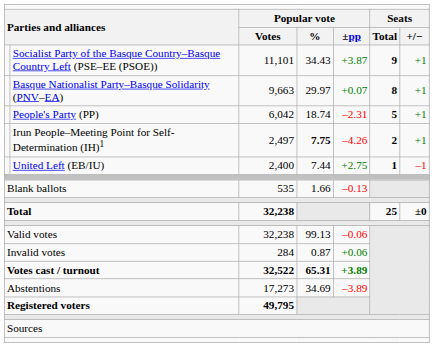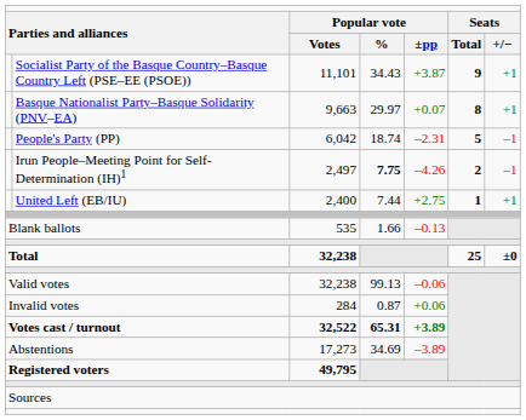 <table class="wikitable" style="text-align:right;">
 <tr>
 <td colspan="7"></td>
 </tr>
 <tr>
 <th style="text-align:left;" rowspan="2" colspan="2" width="525">Parties and alliances</th>
 <th colspan="3">Popular vote</th>
 <th colspan="2">Seats</th>
 </tr>
 <tr>
 <th width="75">Votes</th>
 <th width="45">%</th>
 <th width="45">±<a href='#'>pp</a></th>
 <th width="35">Total</th>
 <th width="35">+/−</th>
 </tr>
 <tr>
 <td width="1" style="color:inherit;background:"></td>
 <td align="left"><a href='#'>Socialist Party of the Basque Country–Basque Country Left</a> (PSE–EE (PSOE))</td>
 <td>11,101</td>
 <td>34.43</td>
 <td style="color:green;">+3.87</td>
 <td><strong>9</strong></td>
 <td style="color:green;">+1</td>
 </tr>
 <tr>
 <td style="color:inherit;background:"></td>
 <td align="left"><a href='#'>Basque Nationalist Party–Basque Solidarity</a> (<a href='#'>PNV</a>–<a href='#'>EA</a>)</td>
 <td>9,663</td>
 <td>29.97</td>
 <td style="color:green;">+0.07</td>
 <td><strong>8</strong></td>
 <td style="color:green;">+1</td>
 </tr>
 <tr>
 <td style="color:inherit;background:"></td>
 <td align="left"><a href='#'>People's Party</a> (PP)</td>
 <td>6,042</td>
 <td>18.74</td>
 <td style="color:red;">–2.31</td>
 <td><strong>5</strong></td>
-<td style="color:green;">+1</td>
+<td style="color:red;">–1</td>
 </tr>
 <tr>
 <td style="color:inherit;background:"></td>
 <td align="left">Irun People–Meeting Point for Self-Determination (IH)<sup>1</sup></td>
 <td>2,497</td>
 <td><strong>7.75</strong></td>
 <td style="color:red;">–4.26</td>
 <td><strong>2</strong></td>
-<td style="color:green;">+1</td>
+<td style="color:red;">–1</td>
 </tr>
 <tr>
 <td style="color:inherit;background:"></td>
 <td align="left"><a href='#'>United Left</a> (EB/IU)</td>
 <td>2,400</td>
 <td>7.44</td>
 <td style="color:green;">+2.75</td>
 <td><strong>1</strong></td>
-<td style="color:red;">–1</td>
+<td style="color:green;">+1</td>
 </tr>
 <tr>
 <td colspan="7" style="color:inherit;background:#C0C0C0"></td>
 </tr>
 <tr>
 <td align="left" colspan="2">Blank ballots</td>
 <td>535</td>
 <td>1.66</td>
 <td style="color:red;">–0.13</td>
 <td style="color:inherit;background:#E9E9E9" colspan="2"></td>
 </tr>
 <tr>
 <td colspan="7" style="color:inherit;background:#E9E9E9"></td>
 </tr>
 <tr style="font-weight:bold;">
 <td align="left" colspan="2">Total</td>
 <td>32,238</td>
 <td bgcolor="#E9E9E9" colspan="2"></td>
 <td>25</td>
 <td>±0</td>
 </tr>
 <tr>
 <td colspan="7" style="color:inherit;background:#E9E9E9"></td>
 </tr>
 <tr>
 <td align="left" colspan="2">Valid votes</td>
 <td>32,238</td>
 <td>99.13</td>
 <td style="color:red;">–0.06</td>
 <td bgcolor="#E9E9E9" colspan="2" rowspan="5"></td>
 </tr>
 <tr>
 <td align="left" colspan="2">Invalid votes</td>
 <td>284</td>
 <td>0.87</td>
 <td style="color:green;">+0.06</td>
 </tr>
 <tr style="font-weight:bold;">
 <td align="left" colspan="2">Votes cast / turnout</td>
 <td>32,522</td>
 <td>65.31</td>
 <td style="color:green;">+3.89</td>
 </tr>
 <tr>
 <td align="left" colspan="2">Abstentions</td>
 <td>17,273</td>
 <td>34.69</td>
 <td style="color:red;">–3.89</td>
 </tr>
 <tr style="font-weight:bold;">
 <td align="left" colspan="2">Registered voters</td>
 <td>49,795</td>
 <td bgcolor="#E9E9E9" colspan="2"></td>
 </tr>
 <tr>
 <td colspan="7" style="color:inherit;background:#E9E9E9"></td>
 </tr>
 <tr>
 <td align="left" colspan="7">Sources</td>
 </tr>
 <tr>
 <td colspan="7" style="text-align:left; max-width:790px;"></td>
 </tr>
 </table>
